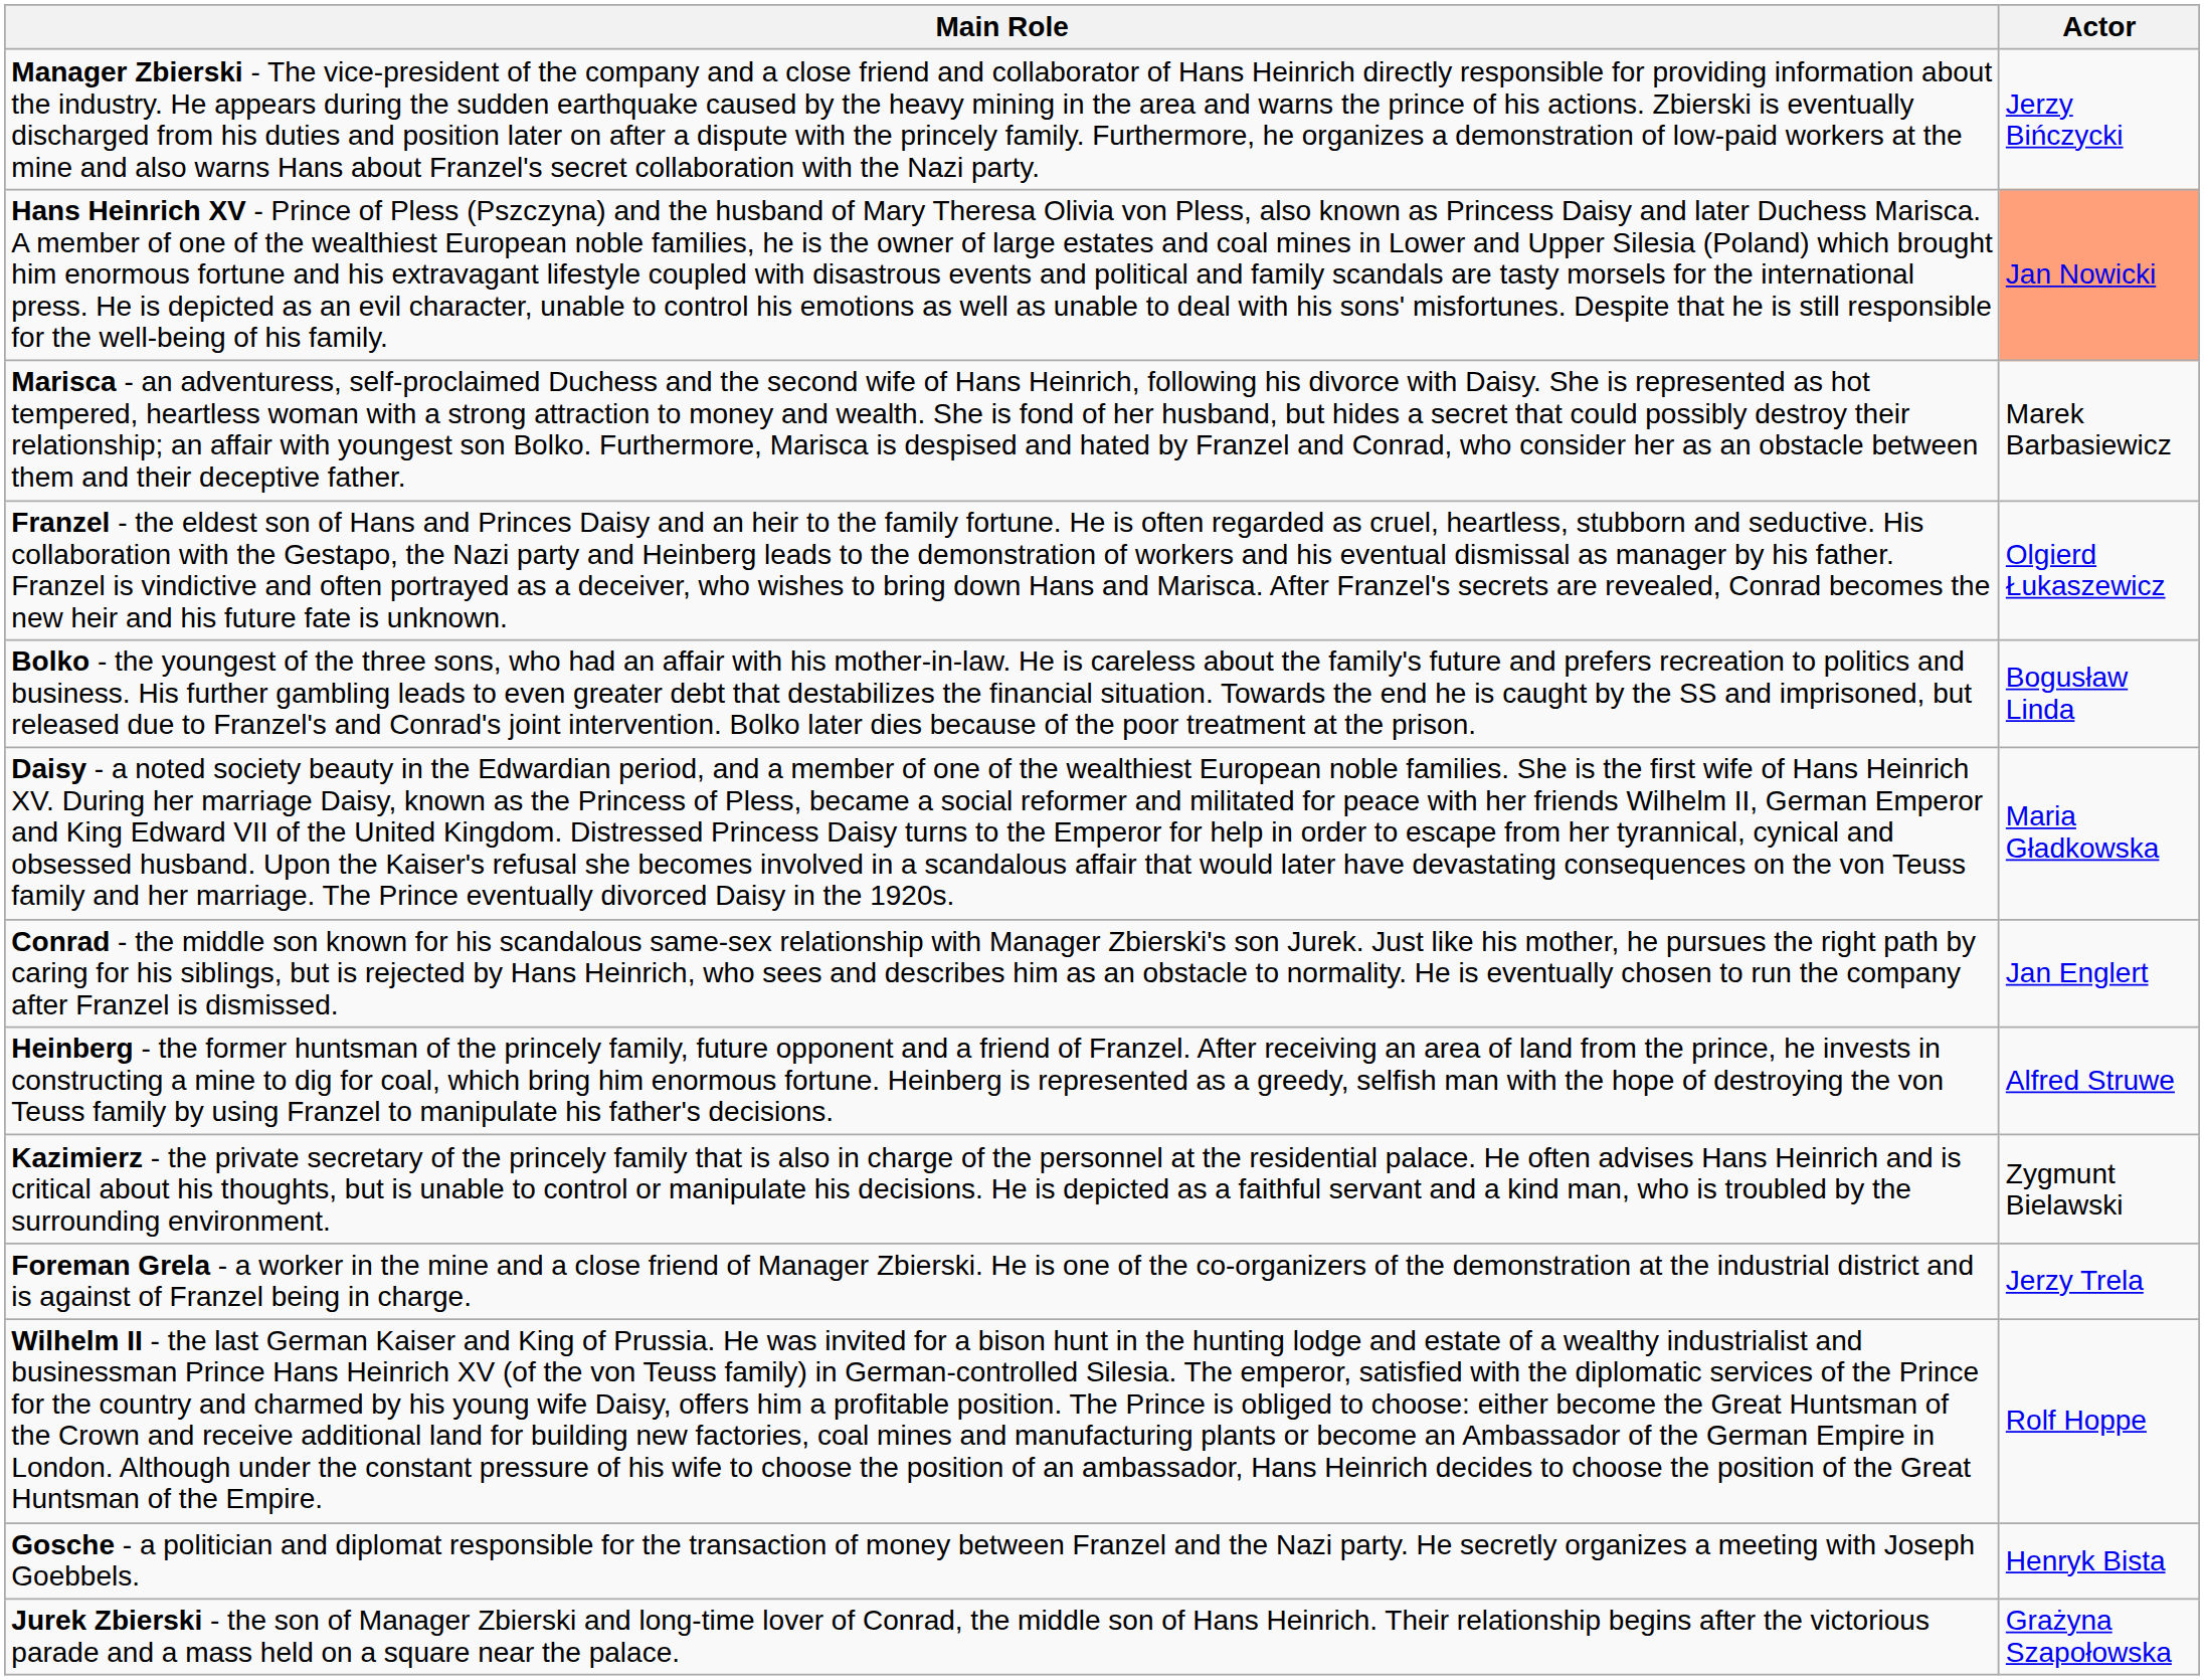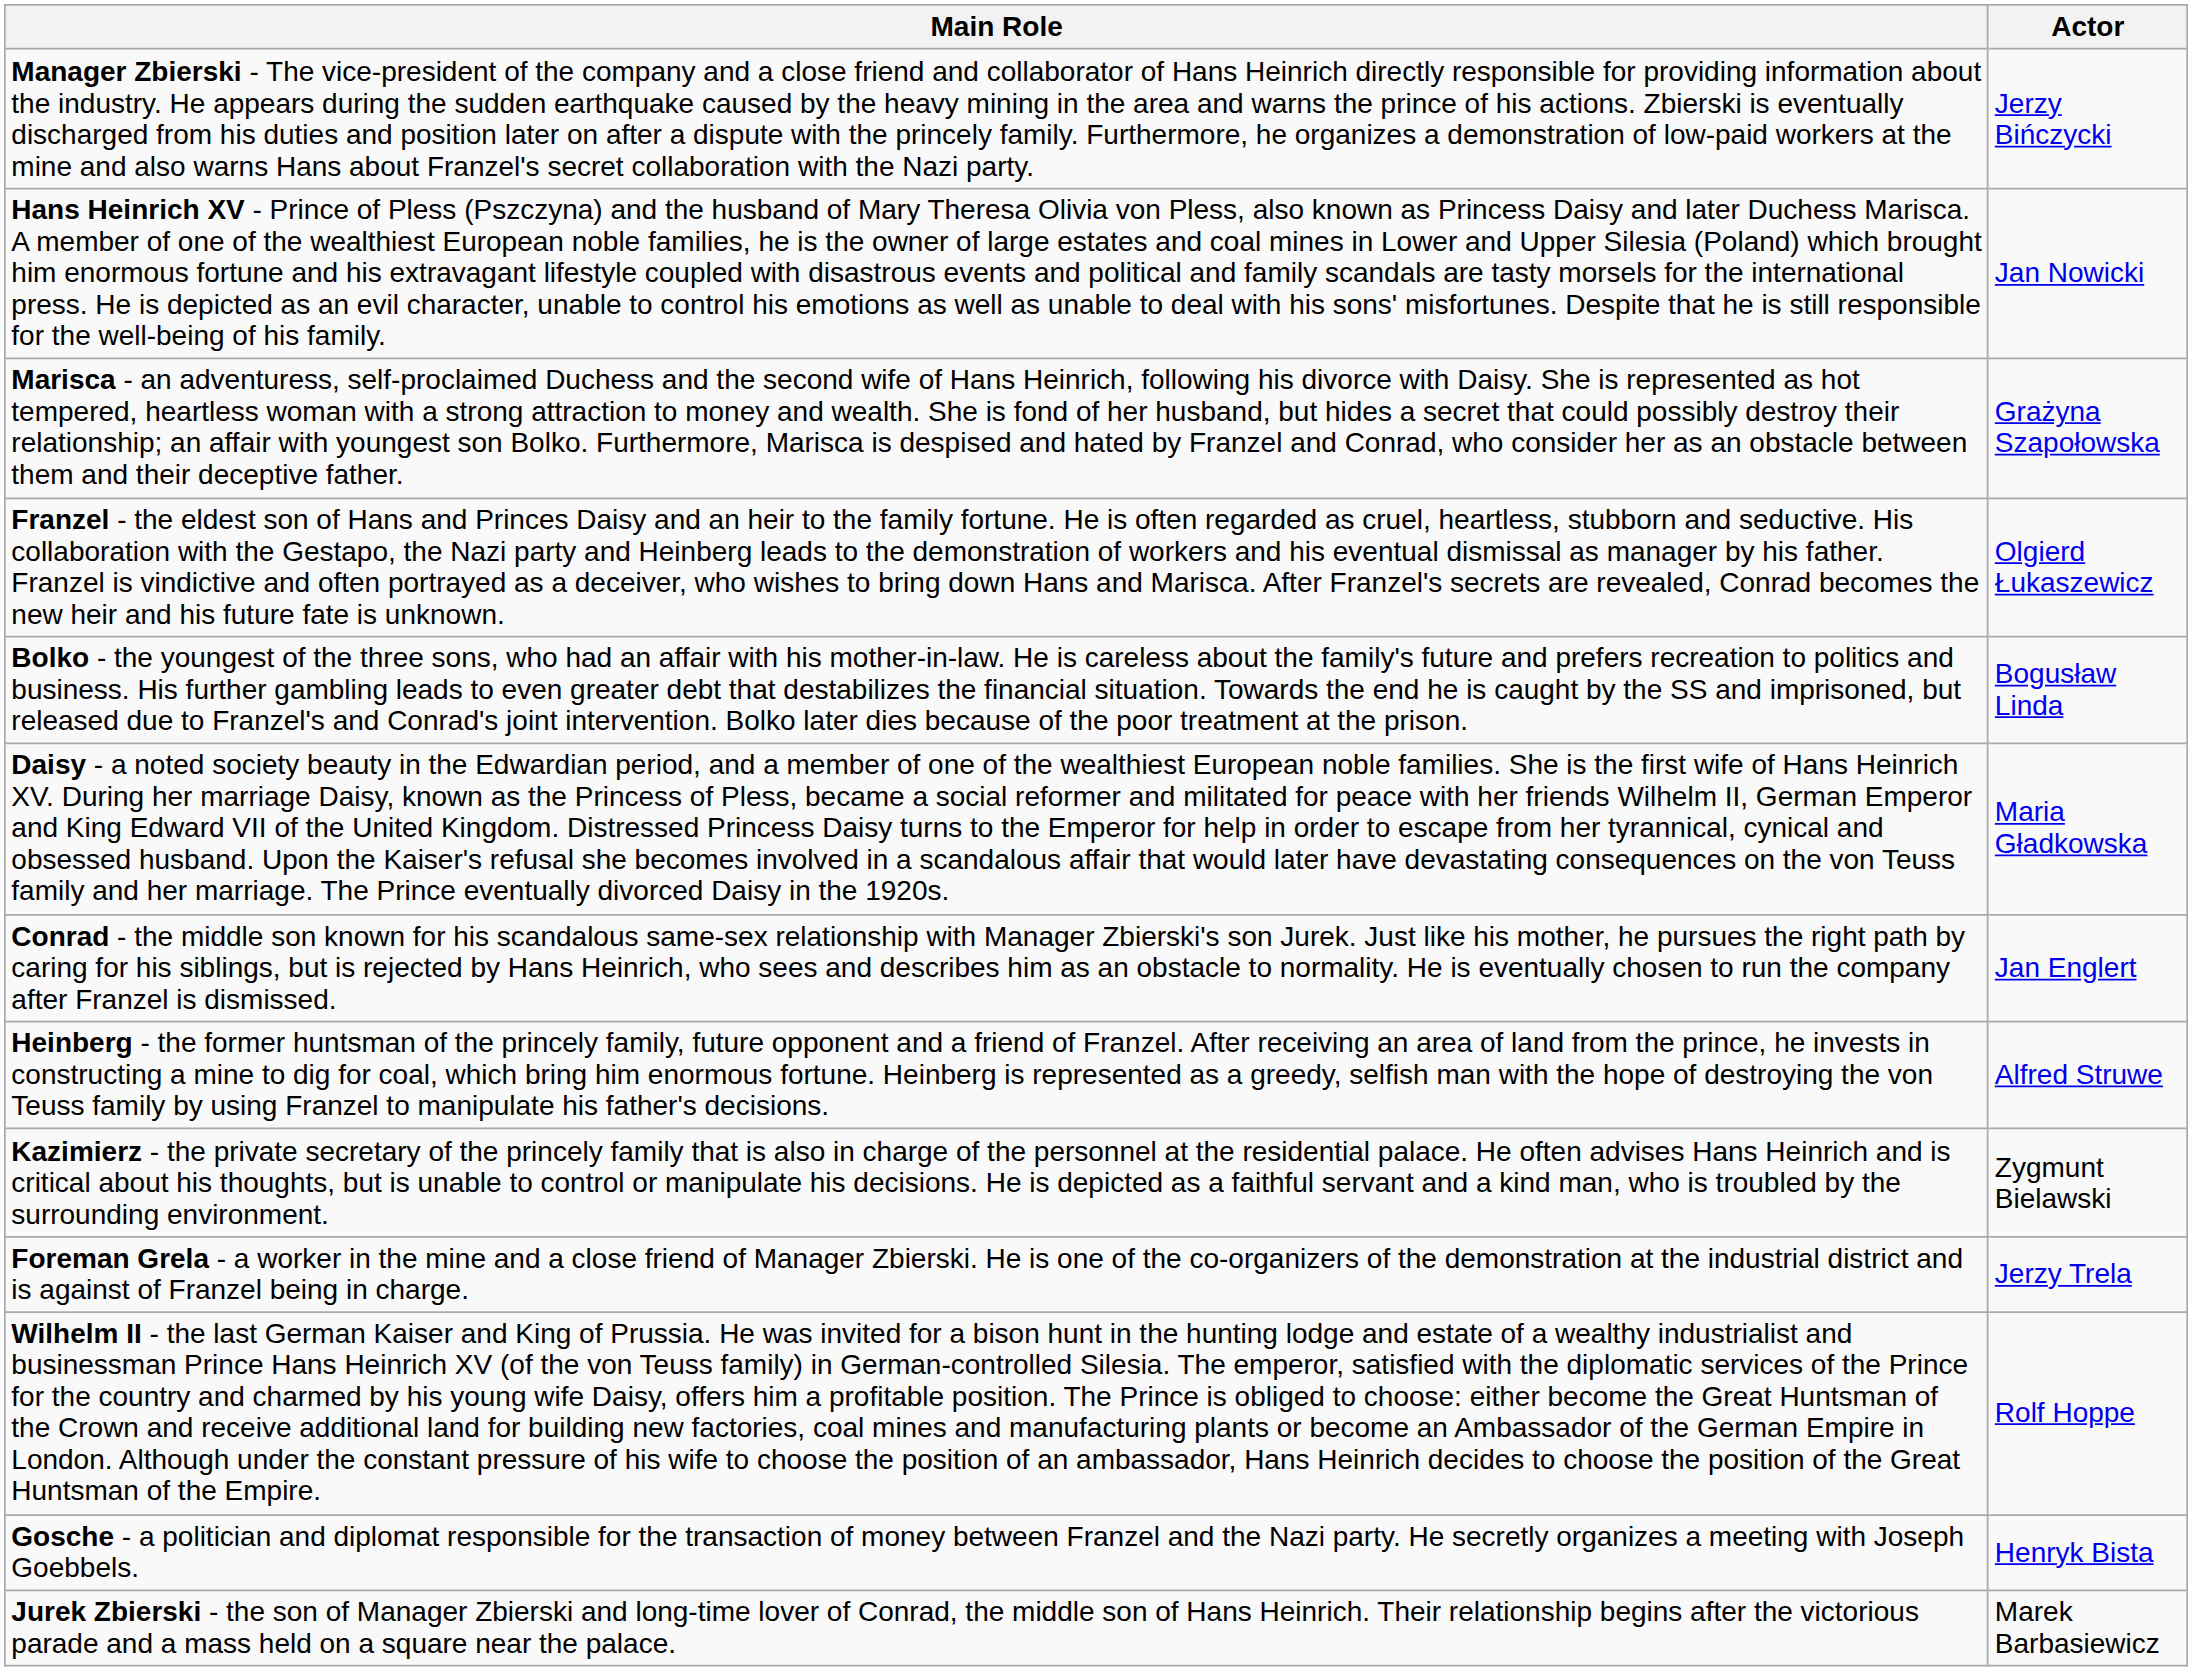 <table class="wikitable">
 <tr>
 <th>Main Role</th>
 <th>Actor</th>
 </tr>
 <tr>
 <td><strong>Manager Zbierski</strong> - The vice-president of the company and a close friend and collaborator of Hans Heinrich directly responsible for providing information about the industry. He appears during the sudden earthquake caused by the heavy mining in the area and warns the prince of his actions. Zbierski is eventually discharged from his duties and position later on after a dispute with the princely family. Furthermore, he organizes a demonstration of low-paid workers at the mine and also warns Hans about Franzel's secret collaboration with the Nazi party.</td>
 <td><a href='#'>Jerzy Bińczycki</a></td>
 </tr>
 <tr>
 <td><strong>Hans Heinrich XV</strong> - Prince of Pless (Pszczyna) and the husband of Mary Theresa Olivia von Pless, also known as Princess Daisy and later Duchess Marisca. A member of one of the wealthiest European noble families, he is the owner of large estates and coal mines in Lower and Upper Silesia (Poland) which brought him enormous fortune and his extravagant lifestyle coupled with disastrous events and political and family scandals are tasty morsels for the international press. He is depicted as an evil character, unable to control his emotions as well as unable to deal with his sons' misfortunes. Despite that he is still responsible for the well-being of his family.</td>
-<td style="background: lightsalmon;"><a href='#'>Jan Nowicki</a></td>
+<td><a href='#'>Jan Nowicki</a></td>
 </tr>
 <tr>
 <td><strong>Marisca</strong> - an adventuress, self-proclaimed Duchess and the second wife of Hans Heinrich, following his divorce with Daisy. She is represented as hot tempered, heartless woman with a strong attraction to money and wealth. She is fond of her husband, but hides a secret that could possibly destroy their relationship; an affair with youngest son Bolko. Furthermore, Marisca is despised and hated by Franzel and Conrad, who consider her as an obstacle between them and their deceptive father.</td>
-<td>Marek Barbasiewicz</td>
+<td><a href='#'>Grażyna Szapołowska</a></td>
 </tr>
 <tr>
 <td><strong>Franzel</strong> - the eldest son of Hans and Princes Daisy and an heir to the family fortune. He is often regarded as cruel, heartless, stubborn and seductive. His collaboration with the Gestapo, the Nazi party and Heinberg leads to the demonstration of workers and his eventual dismissal as manager by his father. Franzel is vindictive and often portrayed as a deceiver, who wishes to bring down Hans and Marisca. After Franzel's secrets are revealed, Conrad becomes the new heir and his future fate is unknown.</td>
 <td><a href='#'>Olgierd Łukaszewicz</a></td>
 </tr>
 <tr>
 <td><strong>Bolko</strong> - the youngest of the three sons, who had an affair with his mother-in-law. He is careless about the family's future and prefers recreation to politics and business. His further gambling leads to even greater debt that destabilizes the financial situation. Towards the end he is caught by the SS and imprisoned, but released due to Franzel's and Conrad's joint intervention. Bolko later dies because of the poor treatment at the prison.</td>
 <td><a href='#'>Bogusław Linda</a></td>
 </tr>
 <tr>
 <td><strong>Daisy</strong> - a noted society beauty in the Edwardian period, and a member of one of the wealthiest European noble families. She is the first wife of Hans Heinrich XV. During her marriage Daisy, known as the Princess of Pless, became a social reformer and militated for peace with her friends Wilhelm II, German Emperor and King Edward VII of the United Kingdom. Distressed Princess Daisy turns to the Emperor for help in order to escape from her tyrannical, cynical and obsessed husband. Upon the Kaiser's refusal she becomes involved in a scandalous affair that would later have devastating consequences on the von Teuss family and her marriage. The Prince eventually divorced Daisy in the 1920s.</td>
 <td><a href='#'>Maria Gładkowska</a></td>
 </tr>
 <tr>
 <td><strong>Conrad</strong> - the middle son known for his scandalous same-sex relationship with Manager Zbierski's son Jurek. Just like his mother, he pursues the right path by caring for his siblings, but is rejected by Hans Heinrich, who sees and describes him as an obstacle to normality. He is eventually chosen to run the company after Franzel is dismissed.</td>
 <td><a href='#'>Jan Englert</a></td>
 </tr>
 <tr>
 <td><strong>Heinberg</strong> - the former huntsman of the princely family, future opponent and a friend of Franzel. After receiving an area of land from the prince, he invests in constructing a mine to dig for coal, which bring him enormous fortune. Heinberg is represented as a greedy, selfish man with the hope of destroying the von Teuss family by using Franzel to manipulate his father's decisions.</td>
 <td><a href='#'>Alfred Struwe</a></td>
 </tr>
 <tr>
 <td><strong>Kazimierz</strong> - the private secretary of the princely family that is also in charge of the personnel at the residential palace. He often advises Hans Heinrich and is critical about his thoughts, but is unable to control or manipulate his decisions. He is depicted as a faithful servant and a kind man, who is troubled by the surrounding environment.</td>
 <td>Zygmunt Bielawski</td>
 </tr>
 <tr>
 <td><strong>Foreman Grela</strong> - a worker in the mine and a close friend of Manager Zbierski. He is one of the co-organizers of the demonstration at the industrial district and is against of Franzel being in charge.</td>
 <td><a href='#'>Jerzy Trela</a></td>
 </tr>
 <tr>
 <td><strong>Wilhelm II</strong> - the last German Kaiser and King of Prussia. He was invited for a bison hunt in the hunting lodge and estate of a wealthy industrialist and businessman Prince Hans Heinrich XV (of the von Teuss family) in German-controlled Silesia. The emperor, satisfied with the diplomatic services of the Prince for the country and charmed by his young wife Daisy, offers him a profitable position. The Prince is obliged to choose: either become the Great Huntsman of the Crown and receive additional land for building new factories, coal mines and manufacturing plants or become an Ambassador of the German Empire in London. Although under the constant pressure of his wife to choose the position of an ambassador, Hans Heinrich decides to choose the position of the Great Huntsman of the Empire.</td>
 <td><a href='#'>Rolf Hoppe</a></td>
 </tr>
 <tr>
 <td><strong>Gosche</strong> - a politician and diplomat responsible for the transaction of money between Franzel and the Nazi party. He secretly organizes a meeting with Joseph Goebbels.</td>
 <td><a href='#'>Henryk Bista</a></td>
 </tr>
 <tr>
 <td><strong>Jurek Zbierski</strong> - the son of Manager Zbierski and long-time lover of Conrad, the middle son of Hans Heinrich. Their relationship begins after the victorious parade and a mass held on a square near the palace.</td>
-<td><a href='#'>Grażyna Szapołowska</a></td>
+<td>Marek Barbasiewicz</td>
 </tr>
 </table>
